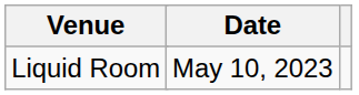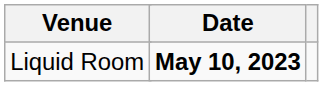 <table class="wikitable" style="text-align: center;">
 <tr>
 <th colspan="2">Venue</th>
 <th>Date</th>
 <th></th>
 </tr>
 <tr>
 <td colspan="2">Liquid Room</td>
-<td>May 10, 2023</td>
+<td><strong>May 10, 2023</strong></td>
 <td></td>
 </tr>
 </table>
